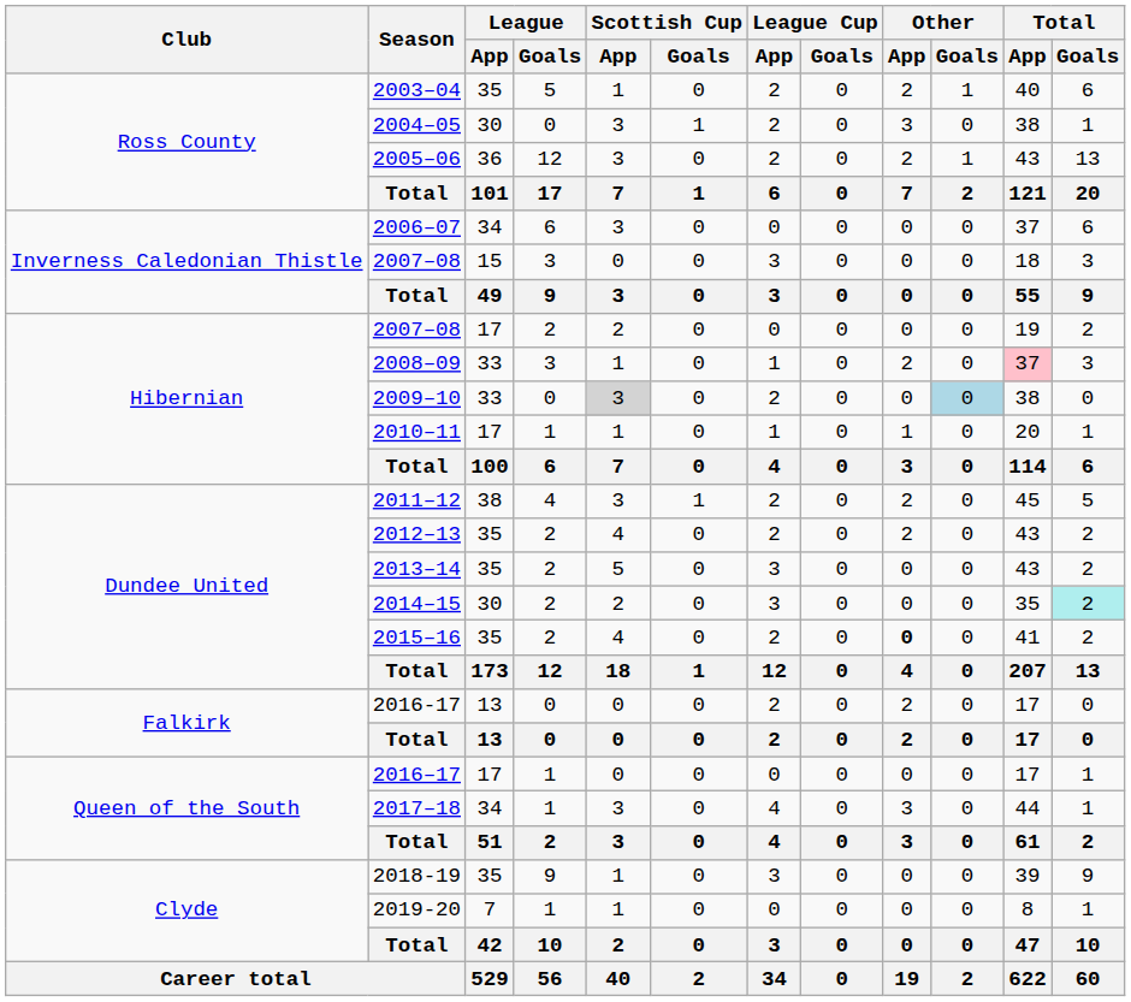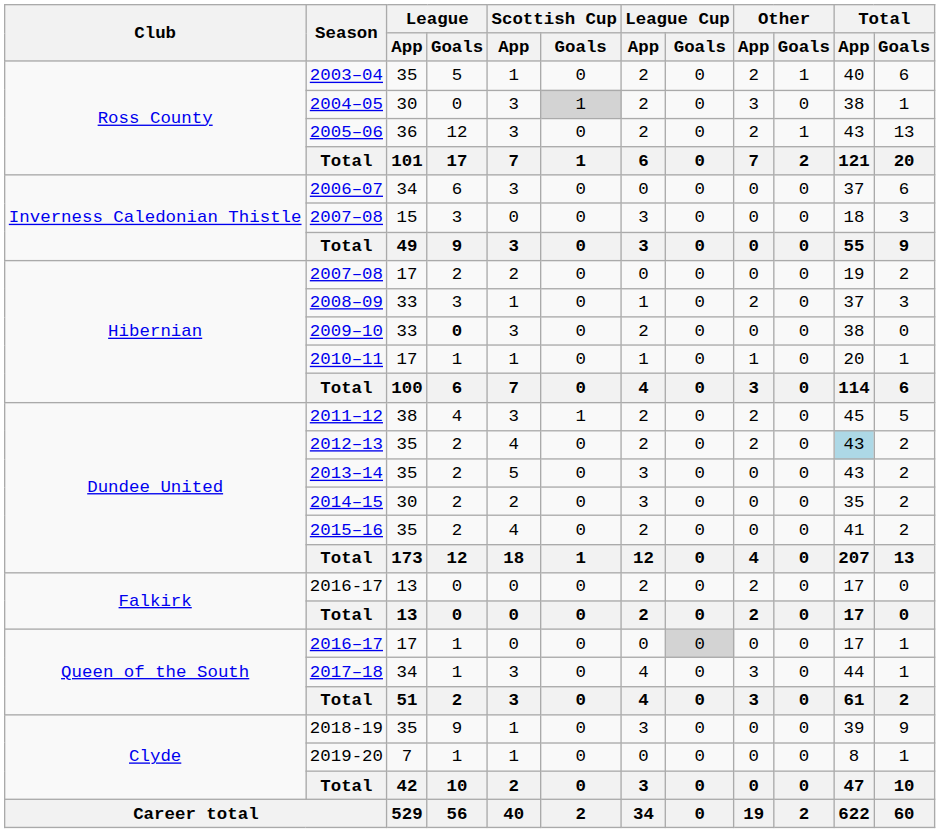 <table class="wikitable" style="text-align:center">
 <tr>
 <th rowspan="2">Club</th>
 <th rowspan="2">Season</th>
 <th colspan="2">League</th>
 <th colspan="2">Scottish Cup</th>
 <th colspan="2">League Cup</th>
 <th colspan="2">Other</th>
 <th colspan="2">Total</th>
 </tr>
 <tr>
 <th>App</th>
 <th>Goals</th>
 <th>App</th>
 <th>Goals</th>
 <th>App</th>
 <th>Goals</th>
 <th>App</th>
 <th>Goals</th>
 <th>App</th>
 <th>Goals</th>
 </tr>
 <tr>
 <td rowspan="4"><a href='#'>Ross County</a></td>
 <td><a href='#'>2003–04</a></td>
 <td>35</td>
 <td>5</td>
 <td>1</td>
 <td>0</td>
 <td>2</td>
 <td>0</td>
 <td>2</td>
 <td>1</td>
 <td>40</td>
 <td>6</td>
 </tr>
 <tr>
 <td><a href='#'>2004–05</a></td>
 <td>30</td>
 <td>0</td>
 <td>3</td>
-<td>1</td>
+<td style="background: lightgrey;">1</td>
 <td>2</td>
 <td>0</td>
 <td>3</td>
 <td>0</td>
 <td>38</td>
 <td>1</td>
 </tr>
 <tr>
 <td><a href='#'>2005–06</a></td>
 <td>36</td>
 <td>12</td>
 <td>3</td>
 <td>0</td>
 <td>2</td>
 <td>0</td>
 <td>2</td>
 <td>1</td>
 <td>43</td>
 <td>13</td>
 </tr>
 <tr>
 <th>Total</th>
 <th>101</th>
 <th>17</th>
 <th>7</th>
 <th>1</th>
 <th>6</th>
 <th>0</th>
 <th>7</th>
 <th>2</th>
 <th>121</th>
 <th>20</th>
 </tr>
 <tr>
 <td rowspan="3"><a href='#'>Inverness Caledonian Thistle</a></td>
 <td><a href='#'>2006–07</a></td>
 <td>34</td>
 <td>6</td>
 <td>3</td>
 <td>0</td>
 <td>0</td>
 <td>0</td>
 <td>0</td>
 <td>0</td>
 <td>37</td>
 <td>6</td>
 </tr>
 <tr>
 <td><a href='#'>2007–08</a></td>
 <td>15</td>
 <td>3</td>
 <td>0</td>
 <td>0</td>
 <td>3</td>
 <td>0</td>
 <td>0</td>
 <td>0</td>
 <td>18</td>
 <td>3</td>
 </tr>
 <tr>
 <th>Total</th>
 <th>49</th>
 <th>9</th>
 <th>3</th>
 <th>0</th>
 <th>3</th>
 <th>0</th>
 <th>0</th>
 <th>0</th>
 <th>55</th>
 <th>9</th>
 </tr>
 <tr>
 <td rowspan="5"><a href='#'>Hibernian</a></td>
 <td><a href='#'>2007–08</a></td>
 <td>17</td>
 <td>2</td>
 <td>2</td>
 <td>0</td>
 <td>0</td>
 <td>0</td>
 <td>0</td>
 <td>0</td>
 <td>19</td>
 <td>2</td>
 </tr>
 <tr>
 <td><a href='#'>2008–09</a></td>
 <td>33</td>
 <td>3</td>
 <td>1</td>
 <td>0</td>
 <td>1</td>
 <td>0</td>
 <td>2</td>
 <td>0</td>
-<td style="background: pink;">37</td>
+<td>37</td>
 <td>3</td>
 </tr>
 <tr>
 <td><a href='#'>2009–10</a></td>
 <td>33</td>
-<td>0</td>
-<td style="background: lightgrey;">3</td>
+<td><strong>0</strong></td>
+<td>3</td>
 <td>0</td>
 <td>2</td>
 <td>0</td>
 <td>0</td>
-<td style="background: lightblue;">0</td>
+<td>0</td>
 <td>38</td>
 <td>0</td>
 </tr>
 <tr>
 <td><a href='#'>2010–11</a></td>
 <td>17</td>
 <td>1</td>
 <td>1</td>
 <td>0</td>
 <td>1</td>
 <td>0</td>
 <td>1</td>
 <td>0</td>
 <td>20</td>
 <td>1</td>
 </tr>
 <tr>
 <th>Total</th>
 <th>100</th>
 <th>6</th>
 <th>7</th>
 <th>0</th>
 <th>4</th>
 <th>0</th>
 <th>3</th>
 <th>0</th>
 <th>114</th>
 <th>6</th>
 </tr>
 <tr>
 <td rowspan="6"><a href='#'>Dundee United</a></td>
 <td><a href='#'>2011–12</a></td>
 <td>38</td>
 <td>4</td>
 <td>3</td>
 <td>1</td>
 <td>2</td>
 <td>0</td>
 <td>2</td>
 <td>0</td>
 <td>45</td>
 <td>5</td>
 </tr>
 <tr>
 <td><a href='#'>2012–13</a></td>
 <td>35</td>
 <td>2</td>
 <td>4</td>
 <td>0</td>
 <td>2</td>
 <td>0</td>
 <td>2</td>
 <td>0</td>
-<td>43</td>
+<td style="background: lightblue;">43</td>
 <td>2</td>
 </tr>
 <tr>
 <td><a href='#'>2013–14</a></td>
 <td>35</td>
 <td>2</td>
 <td>5</td>
 <td>0</td>
 <td>3</td>
 <td>0</td>
 <td>0</td>
 <td>0</td>
 <td>43</td>
 <td>2</td>
 </tr>
 <tr>
 <td><a href='#'>2014–15</a></td>
 <td>30</td>
 <td>2</td>
 <td>2</td>
 <td>0</td>
 <td>3</td>
 <td>0</td>
 <td>0</td>
 <td>0</td>
 <td>35</td>
-<td style="background: paleturquoise;">2</td>
+<td>2</td>
 </tr>
 <tr>
 <td><a href='#'>2015–16</a></td>
 <td>35</td>
 <td>2</td>
 <td>4</td>
 <td>0</td>
 <td>2</td>
 <td>0</td>
-<td><strong>0</strong></td>
+<td>0</td>
 <td>0</td>
 <td>41</td>
 <td>2</td>
 </tr>
 <tr>
 <th>Total</th>
 <th>173</th>
 <th>12</th>
 <th>18</th>
 <th>1</th>
 <th>12</th>
 <th>0</th>
 <th>4</th>
 <th>0</th>
 <th>207</th>
 <th>13</th>
 </tr>
 <tr>
 <td rowspan="2"><a href='#'>Falkirk</a></td>
 <td>2016-17</td>
 <td>13</td>
 <td>0</td>
 <td>0</td>
 <td>0</td>
 <td>2</td>
 <td>0</td>
 <td>2</td>
 <td>0</td>
 <td>17</td>
 <td>0</td>
 </tr>
 <tr>
 <th>Total</th>
 <th>13</th>
 <th>0</th>
 <th>0</th>
 <th>0</th>
 <th>2</th>
 <th>0</th>
 <th>2</th>
 <th>0</th>
 <th>17</th>
 <th>0</th>
 </tr>
 <tr>
 <td rowspan="3"><a href='#'>Queen of the South</a></td>
 <td><a href='#'>2016–17</a></td>
 <td>17</td>
 <td>1</td>
 <td>0</td>
 <td>0</td>
 <td>0</td>
-<td>0</td>
+<td style="background: lightgrey;">0</td>
 <td>0</td>
 <td>0</td>
 <td>17</td>
 <td>1</td>
 </tr>
 <tr>
 <td><a href='#'>2017–18</a></td>
 <td>34</td>
 <td>1</td>
 <td>3</td>
 <td>0</td>
 <td>4</td>
 <td>0</td>
 <td>3</td>
 <td>0</td>
 <td>44</td>
 <td>1</td>
 </tr>
 <tr>
 <th>Total</th>
 <th>51</th>
 <th>2</th>
 <th>3</th>
 <th>0</th>
 <th>4</th>
 <th>0</th>
 <th>3</th>
 <th>0</th>
 <th>61</th>
 <th>2</th>
 </tr>
 <tr>
 <td rowspan="3"><a href='#'>Clyde</a></td>
 <td>2018-19</td>
 <td>35</td>
 <td>9</td>
 <td>1</td>
 <td>0</td>
 <td>3</td>
 <td>0</td>
 <td>0</td>
 <td>0</td>
 <td>39</td>
 <td>9</td>
 </tr>
 <tr>
 <td>2019-20</td>
 <td>7</td>
 <td>1</td>
 <td>1</td>
 <td>0</td>
 <td>0</td>
 <td>0</td>
 <td>0</td>
 <td>0</td>
 <td>8</td>
 <td>1</td>
 </tr>
 <tr>
 <th>Total</th>
 <th>42</th>
 <th>10</th>
 <th>2</th>
 <th>0</th>
 <th>3</th>
 <th>0</th>
 <th>0</th>
 <th>0</th>
 <th>47</th>
 <th>10</th>
 </tr>
 <tr>
 <th colspan="2">Career total</th>
 <th>529</th>
 <th>56</th>
 <th>40</th>
 <th>2</th>
 <th>34</th>
 <th>0</th>
 <th>19</th>
 <th>2</th>
 <th>622</th>
 <th>60</th>
 </tr>
 </table>
